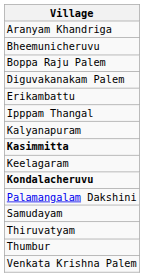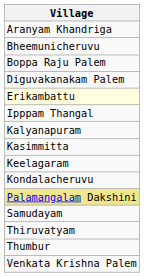 <table class="wikitable sortable static-row-numbers static-row-header-hash">
 <tr>
 <th>Village</th>
 </tr>
 <tr>
 <td>Aranyam Khandriga</td>
 </tr>
 <tr>
 <td>Bheemunicheruvu</td>
 </tr>
 <tr>
 <td>Boppa Raju Palem</td>
 </tr>
 <tr>
 <td>Diguvakanakam Palem</td>
 </tr>
 <tr>
-<td>Erikambattu</td>
+<td style="background: lightyellow;">Erikambattu</td>
 </tr>
 <tr>
 <td>Ipppam Thangal</td>
 </tr>
 <tr>
 <td>Kalyanapuram</td>
 </tr>
 <tr>
-<td><strong>Kasimmitta</strong></td>
+<td>Kasimmitta</td>
 </tr>
 <tr>
 <td>Keelagaram</td>
 </tr>
 <tr>
-<td><strong>Kondalacheruvu</strong></td>
+<td>Kondalacheruvu</td>
 </tr>
 <tr>
-<td><a href='#'>Palamangalam</a> Dakshini</td>
+<td style="background: khaki;"><a href='#'>Palamangalam</a> Dakshini</td>
 </tr>
 <tr>
 <td>Samudayam</td>
 </tr>
 <tr>
 <td>Thiruvatyam</td>
 </tr>
 <tr>
 <td>Thumbur</td>
 </tr>
 <tr>
 <td>Venkata Krishna Palem</td>
 </tr>
 </table>
